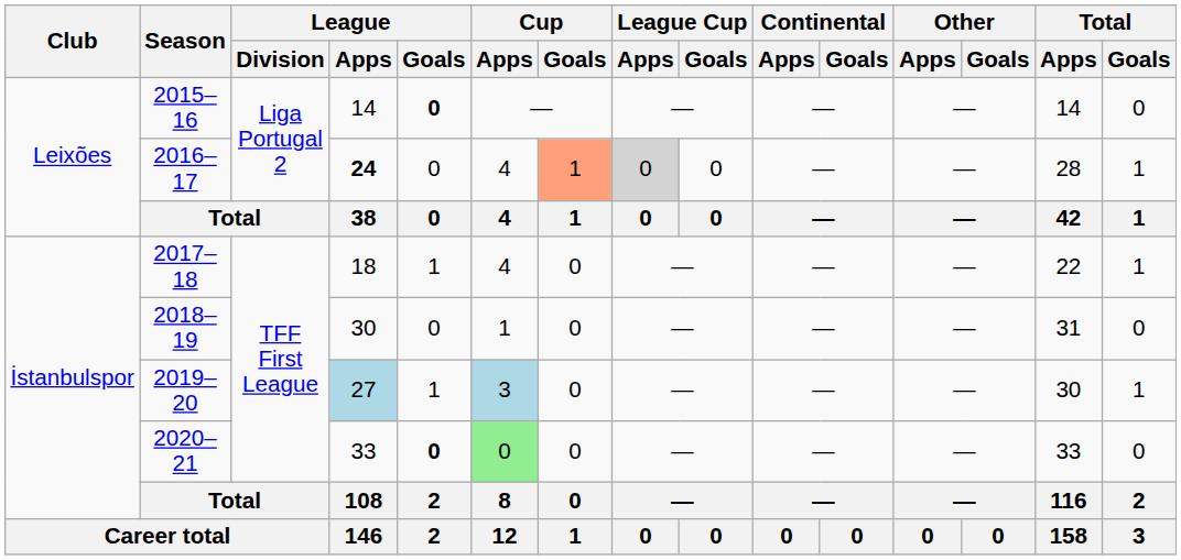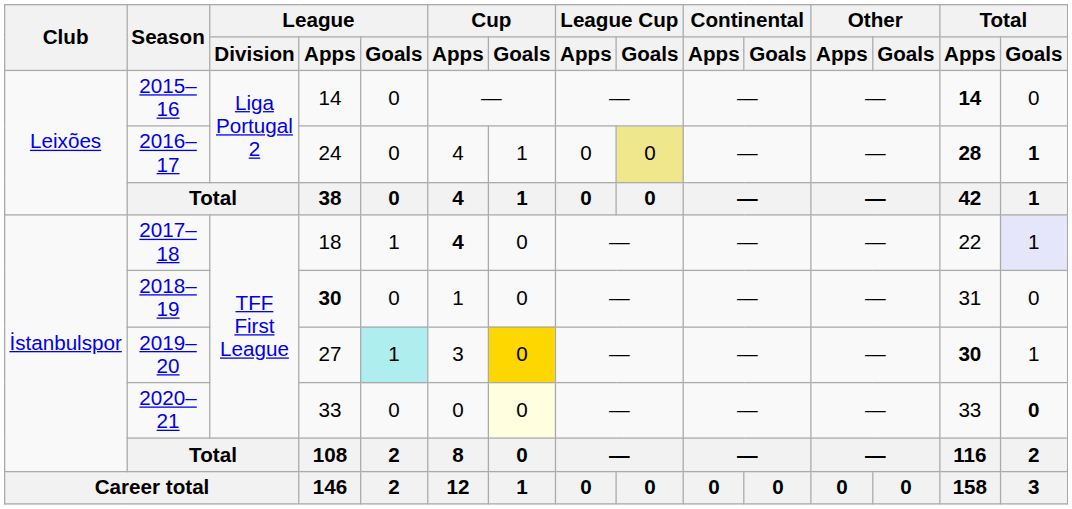 <table class="wikitable" style="text-align:center">
 <tr>
 <th rowspan=2>Club</th>
 <th rowspan=2>Season</th>
 <th colspan=3>League</th>
 <th colspan=2>Cup</th>
 <th colspan=2>League Cup</th>
 <th colspan=2>Continental</th>
 <th colspan=2>Other</th>
 <th colspan=2>Total</th>
 </tr>
 <tr>
 <th>Division</th>
 <th>Apps</th>
 <th>Goals</th>
 <th>Apps</th>
 <th>Goals</th>
 <th>Apps</th>
 <th>Goals</th>
 <th>Apps</th>
 <th>Goals</th>
 <th>Apps</th>
 <th>Goals</th>
 <th>Apps</th>
 <th>Goals</th>
 </tr>
 <tr>
 <td rowspan="3"><a href='#'>Leixões</a></td>
 <td><a href='#'>2015–16</a></td>
 <td rowspan="2"><a href='#'>Liga Portugal 2</a></td>
 <td>14</td>
-<td><strong>0</strong></td>
+<td>0</td>
 <td colspan="2">—</td>
 <td colspan="2">—</td>
 <td colspan="2">—</td>
 <td colspan="2">—</td>
-<td>14</td>
+<td><strong>14</strong></td>
 <td>0</td>
 </tr>
 <tr>
 <td><a href='#'>2016–17</a></td>
-<td><strong>24</strong></td>
+<td>24</td>
 <td>0</td>
 <td>4</td>
-<td style="background: lightsalmon;">1</td>
-<td style="background: lightgrey;">0</td>
+<td>1</td>
 <td>0</td>
+<td style="background: khaki;">0</td>
 <td colspan="2">—</td>
 <td colspan="2">—</td>
-<td>28</td>
-<td>1</td>
+<td><strong>28</strong></td>
+<td><strong>1</strong></td>
 </tr>
 <tr>
 <th colspan="2">Total</th>
 <th>38</th>
 <th>0</th>
 <th>4</th>
 <th>1</th>
 <th>0</th>
 <th>0</th>
 <th colspan="2">—</th>
 <th colspan="2">—</th>
 <th>42</th>
 <th>1</th>
 </tr>
 <tr>
 <td rowspan="5"><a href='#'>İstanbulspor</a></td>
 <td><a href='#'>2017–18</a></td>
 <td rowspan="4"><a href='#'>TFF First League</a></td>
 <td>18</td>
 <td>1</td>
-<td>4</td>
+<td><strong>4</strong></td>
 <td>0</td>
 <td colspan="2">—</td>
 <td colspan="2">—</td>
 <td colspan="2">—</td>
 <td>22</td>
-<td>1</td>
+<td style="background: lavender;">1</td>
 </tr>
 <tr>
 <td><a href='#'>2018–19</a></td>
-<td>30</td>
+<td><strong>30</strong></td>
 <td>0</td>
 <td>1</td>
 <td>0</td>
 <td colspan="2">—</td>
 <td colspan="2">—</td>
 <td colspan="2">—</td>
 <td>31</td>
 <td>0</td>
 </tr>
 <tr>
 <td><a href='#'>2019–20</a></td>
-<td style="background: lightblue;">27</td>
-<td>1</td>
-<td style="background: lightblue;">3</td>
-<td>0</td>
+<td>27</td>
+<td style="background: paleturquoise;">1</td>
+<td>3</td>
+<td style="background: gold;">0</td>
 <td colspan="2">—</td>
 <td colspan="2">—</td>
 <td colspan="2">—</td>
-<td>30</td>
+<td><strong>30</strong></td>
 <td>1</td>
 </tr>
 <tr>
 <td><a href='#'>2020–21</a></td>
 <td>33</td>
-<td><strong>0</strong></td>
-<td style="background: lightgreen;">0</td>
 <td>0</td>
+<td>0</td>
+<td style="background: lightyellow;">0</td>
 <td colspan="2">—</td>
 <td colspan="2">—</td>
 <td colspan="2">—</td>
 <td>33</td>
-<td>0</td>
+<td><strong>0</strong></td>
 </tr>
 <tr>
 <th colspan="2">Total</th>
 <th>108</th>
 <th>2</th>
 <th>8</th>
 <th>0</th>
 <th colspan="2">—</th>
 <th colspan="2">—</th>
 <th colspan="2">—</th>
 <th>116</th>
 <th>2</th>
 </tr>
 <tr>
 <th colspan="3">Career total</th>
 <th>146</th>
 <th>2</th>
 <th>12</th>
 <th>1</th>
 <th>0</th>
 <th>0</th>
 <th>0</th>
 <th>0</th>
 <th>0</th>
 <th>0</th>
 <th>158</th>
 <th>3</th>
 </tr>
 </table>
